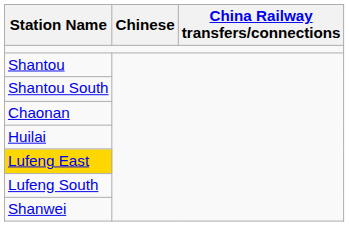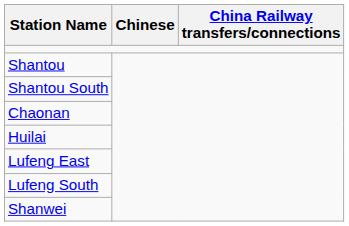 <table class="wikitable">
 <tr>
 <th>Station Name</th>
 <th>Chinese<br> </th>
 <th><a href='#'>China Railway</a><br>transfers/connections<br></th>
 </tr>
 <tr style="background:#">
 <td colspan = "11"></td>
 </tr>
 <tr>
 <td><a href='#'>Shantou</a></td>
 </tr>
 <tr>
 <td><a href='#'>Shantou South</a></td>
 </tr>
 <tr>
 <td><a href='#'>Chaonan</a></td>
 </tr>
 <tr>
 <td><a href='#'>Huilai</a></td>
 </tr>
 <tr>
-<td style="background: gold;"><a href='#'>Lufeng East</a></td>
+<td><a href='#'>Lufeng East</a></td>
 </tr>
 <tr>
 <td><a href='#'>Lufeng South</a></td>
 </tr>
 <tr>
 <td><a href='#'>Shanwei</a></td>
 </tr>
 </table>
